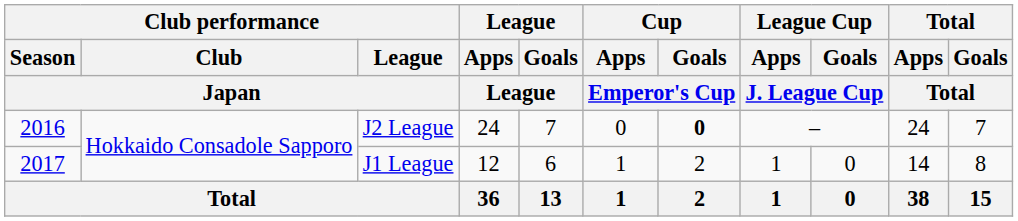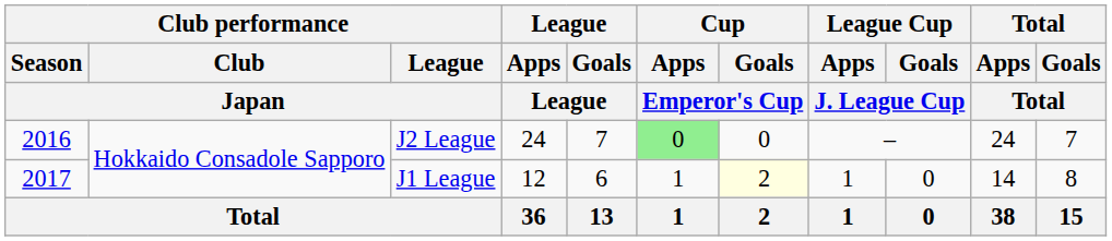 <table class="wikitable" style="text-align:center;">
 <tr>
 <th colspan=3>Club performance</th>
 <th colspan=2>League</th>
 <th colspan=2>Cup</th>
 <th colspan=2>League Cup</th>
 <th colspan=2>Total</th>
 </tr>
 <tr>
 <th>Season</th>
 <th>Club</th>
 <th>League</th>
 <th>Apps</th>
 <th>Goals</th>
 <th>Apps</th>
 <th>Goals</th>
 <th>Apps</th>
 <th>Goals</th>
 <th>Apps</th>
 <th>Goals</th>
 </tr>
 <tr>
 <th colspan=3>Japan</th>
 <th colspan=2>League</th>
 <th colspan=2><a href='#'>Emperor's Cup</a></th>
 <th colspan=2><a href='#'>J. League Cup</a></th>
 <th colspan=2>Total</th>
 </tr>
 <tr>
 <td><a href='#'>2016</a></td>
 <td rowspan="2"><a href='#'>Hokkaido Consadole Sapporo</a></td>
 <td rowspan="1"><a href='#'>J2 League</a></td>
 <td>24</td>
 <td>7</td>
+<td style="background: lightgreen;">0</td>
 <td>0</td>
-<td><strong>0</strong></td>
 <td colspan="2">–</td>
 <td>24</td>
 <td>7</td>
 </tr>
 <tr>
 <td><a href='#'>2017</a></td>
 <td rowspan="1"><a href='#'>J1 League</a></td>
 <td>12</td>
 <td>6</td>
 <td>1</td>
-<td>2</td>
+<td style="background: lightyellow;">2</td>
 <td>1</td>
 <td>0</td>
 <td>14</td>
 <td>8</td>
 </tr>
 <tr>
 <th colspan=3>Total</th>
 <th>36</th>
 <th>13</th>
 <th>1</th>
 <th>2</th>
 <th>1</th>
 <th>0</th>
 <th>38</th>
 <th>15</th>
 </tr>
 </table>
